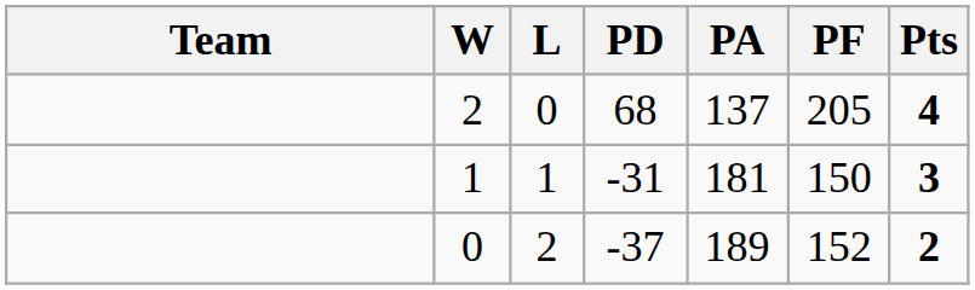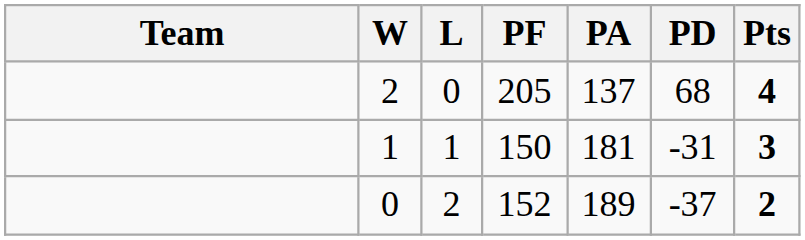 <table class="wikitable" style="text-align:center;">
 <tr>
 <th width=150>Team</th>
 <th width=20>W</th>
 <th width=20>L</th>
+<th width=30>PF</th>
+<th width=30>PA</th>
 <th width=30>PD</th>
-<th width=30>PA</th>
-<th width=30>PF</th>
 <th width=20>Pts</th>
 </tr>
 <tr>
 <td align="left"></td>
 <td>2</td>
 <td>0</td>
+<td>205</td>
+<td>137</td>
 <td>68</td>
-<td>137</td>
-<td>205</td>
 <td><strong>4</strong></td>
 </tr>
 <tr>
 <td align="left"></td>
 <td>1</td>
 <td>1</td>
+<td>150</td>
+<td>181</td>
 <td>-31</td>
-<td>181</td>
-<td>150</td>
 <td><strong>3</strong></td>
 </tr>
 <tr>
 <td align="left"></td>
 <td>0</td>
 <td>2</td>
+<td>152</td>
+<td>189</td>
 <td>-37</td>
-<td>189</td>
-<td>152</td>
 <td><strong>2</strong></td>
 </tr>
 </table>
